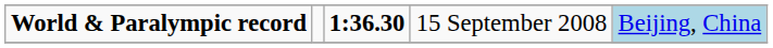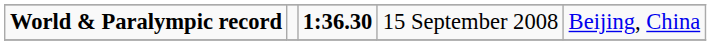 <table class="wikitable">
 <tr>
 </tr>
 <tr>
 <td><strong>World & Paralympic record</strong></td>
 <td></td>
 <td><strong>1:36.30</strong></td>
 <td>15 September 2008</td>
-<td style="background: lightblue;"><a href='#'>Beijing</a>, <a href='#'>China</a></td>
+<td><a href='#'>Beijing</a>, <a href='#'>China</a></td>
 </tr>
 <tr>
 </tr>
 </table>
